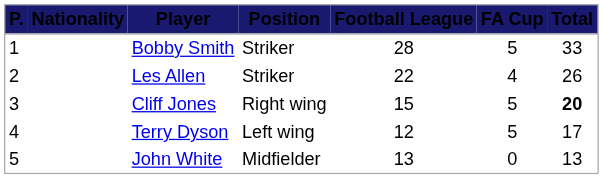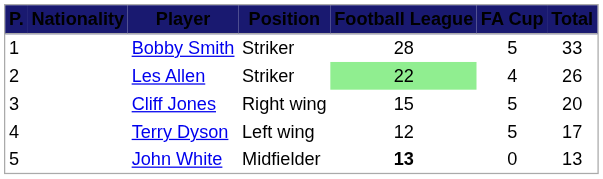 <table cellspacing="0" cellpadding="3" style="border:1px solid #AAAAAA;font-size:90%">
 <tr bgcolor="#191970">
 <th style="border-bottom:1px solid #AAAAAA" align="center"><span>P.</span></th>
 <th style="border-bottom:1px solid #AAAAAA" align="center"><span>Nationality</span></th>
 <th style="border-bottom:1px solid #AAAAAA" align="center"><span>Player</span></th>
 <th style="border-bottom:1px solid #AAAAAA" align="center"><span>Position</span></th>
 <th style="border-bottom:1px solid #AAAAAA" align="center"><span>Football League</span></th>
 <th style="border-bottom:1px solid #AAAAAA" align="center"><span>FA Cup</span></th>
 <th style="border-bottom:1px solid #AAAAAA" align="center"><span>Total</span></th>
 </tr>
 <tr>
 <td>1</td>
 <td></td>
 <td><a href='#'>Bobby Smith</a></td>
 <td>Striker</td>
 <td align="center">28</td>
 <td align="center">5</td>
 <td align="center">33</td>
 </tr>
 <tr>
 <td>2</td>
 <td></td>
 <td><a href='#'>Les Allen</a></td>
 <td>Striker</td>
-<td align="center">22</td>
+<td align="center" style="background: lightgreen;">22</td>
 <td align="center">4</td>
 <td align="center">26</td>
 </tr>
 <tr>
 <td>3</td>
 <td></td>
 <td><a href='#'>Cliff Jones</a></td>
 <td>Right wing</td>
 <td align="center">15</td>
 <td align="center">5</td>
-<td align="center"><strong>20</strong></td>
+<td align="center">20</td>
 </tr>
 <tr>
 <td>4</td>
 <td></td>
 <td><a href='#'>Terry Dyson</a></td>
 <td>Left wing</td>
 <td align="center">12</td>
 <td align="center">5</td>
 <td align="center">17</td>
 </tr>
 <tr>
 <td>5</td>
 <td></td>
 <td><a href='#'>John White</a></td>
 <td>Midfielder</td>
-<td align="center">13</td>
+<td align="center"><strong>13</strong></td>
 <td align="center">0</td>
 <td align="center">13</td>
 </tr>
 <tr>
 </tr>
 </table>
